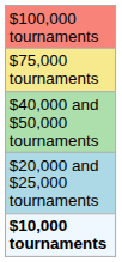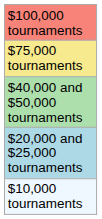 <table class="wikitable" style="font-size:85%;" width=15%>
 <tr bgcolor="#F88379">
 <td>$100,000 tournaments</td>
 </tr>
 <tr bgcolor="#F7E98E">
 <td>$75,000 tournaments</td>
 </tr>
 <tr bgcolor="#ADDFAD">
 <td>$40,000 and $50,000 tournaments</td>
 </tr>
 <tr bgcolor=lightblue>
 <td>$20,000 and $25,000 tournaments</td>
 </tr>
 <tr bgcolor="#f0f8ff">
-<td><strong>$10,000 tournaments</strong></td>
+<td>$10,000 tournaments</td>
 </tr>
 </table>
